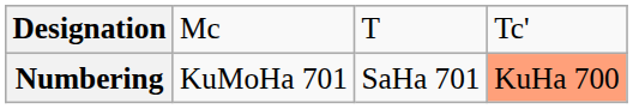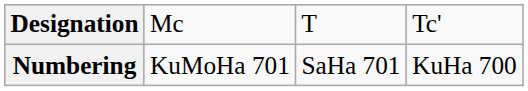 <table class="wikitable">
 <tr>
 <th>Designation</th>
 <td>Mc</td>
 <td>T</td>
 <td>Tc'</td>
 </tr>
 <tr>
 <th>Numbering</th>
 <td>KuMoHa 701</td>
 <td>SaHa 701</td>
-<td style="background: lightsalmon;">KuHa 700</td>
+<td>KuHa 700</td>
 </tr>
 </table>
